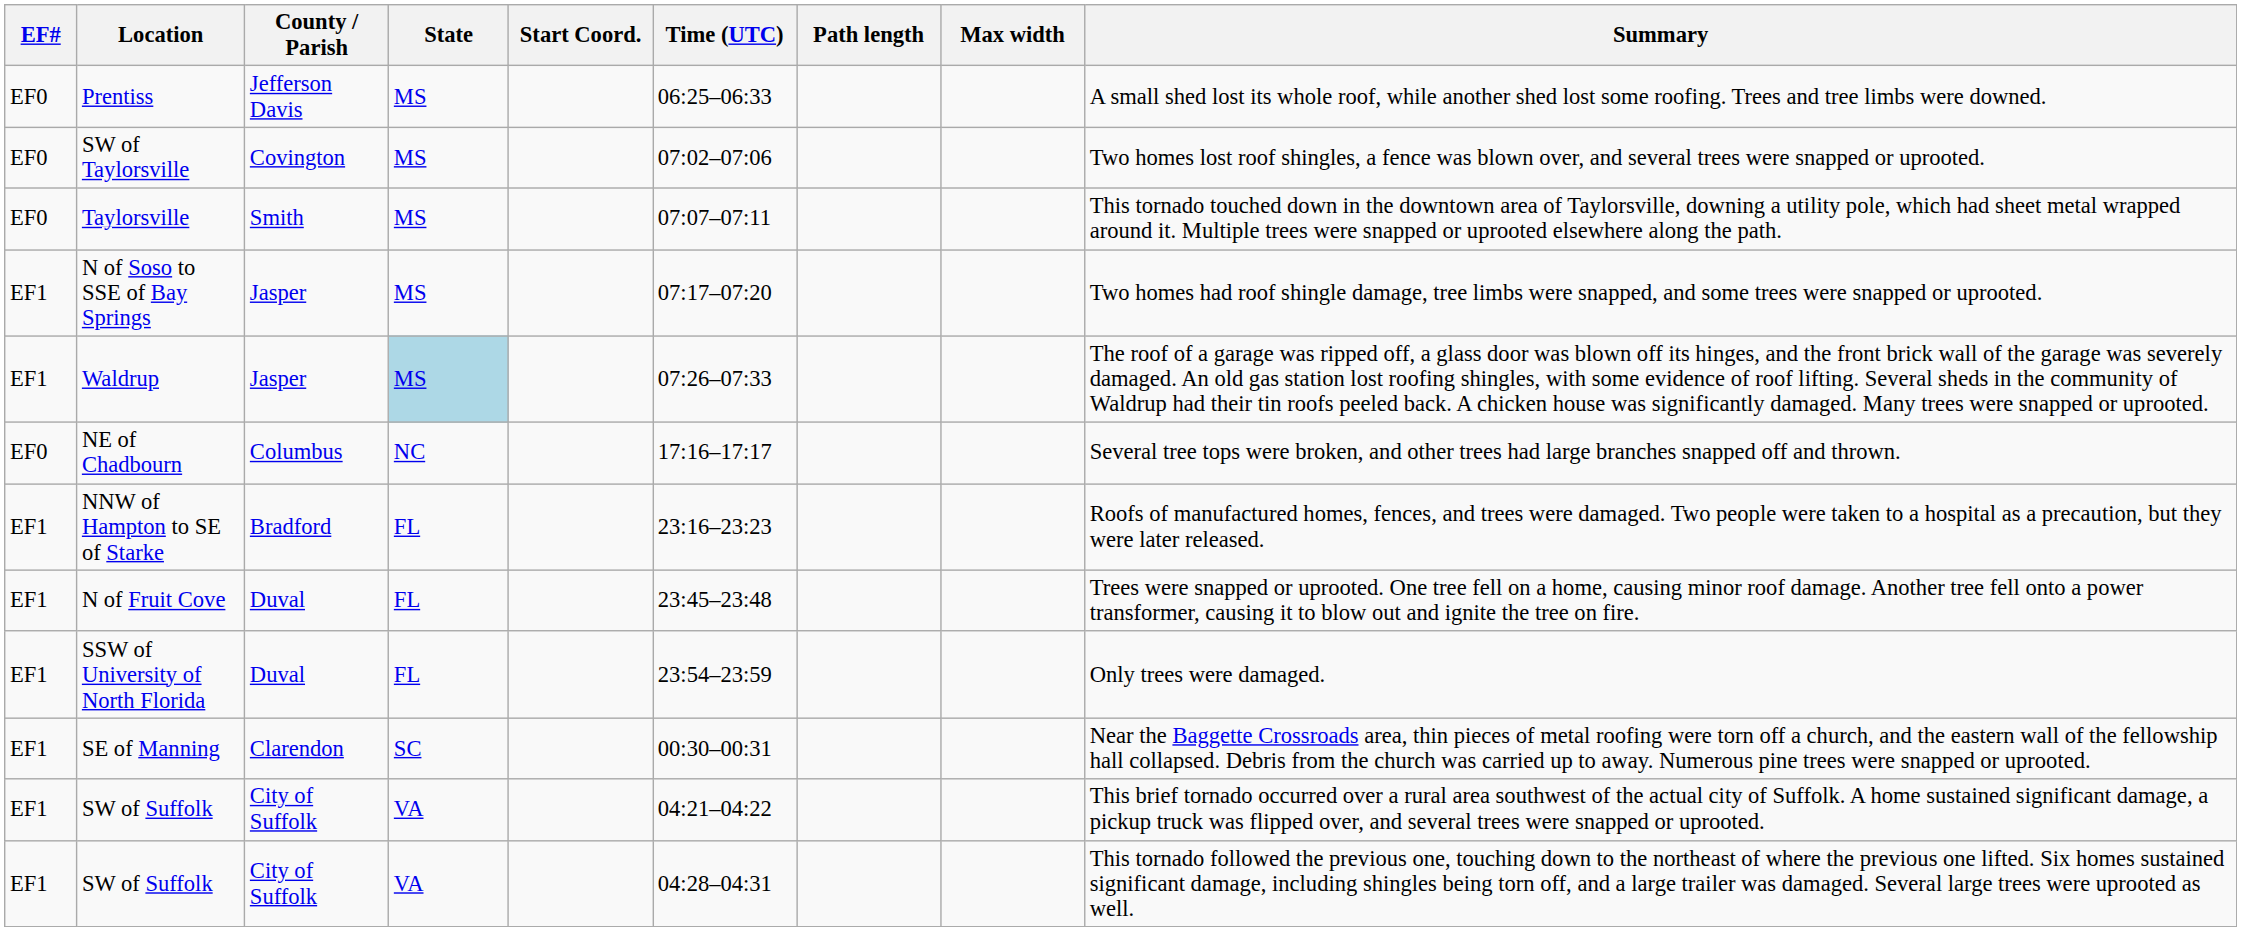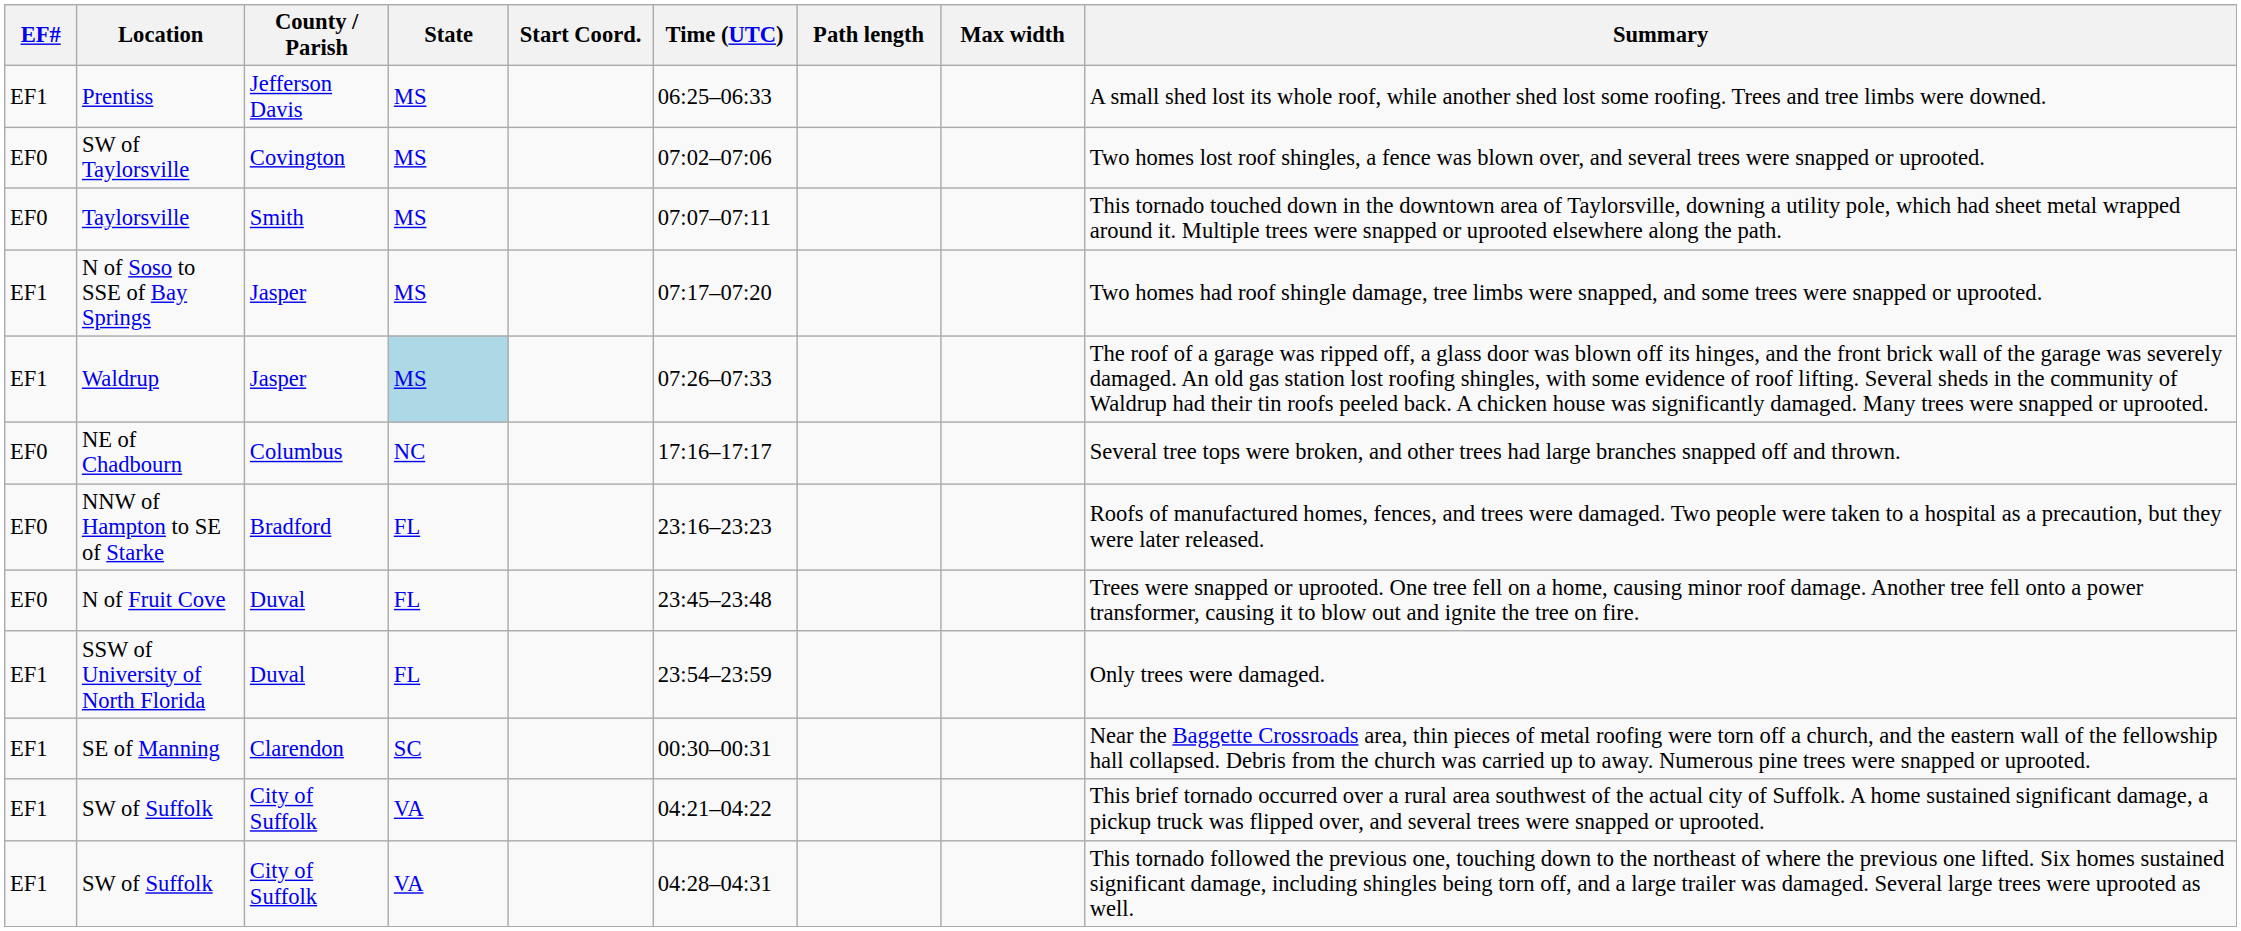 <table class="wikitable sortable" style="width:100%;">
 <tr>
 <th scope="col"  style="width:3%; text-align:center;"><a href='#'>EF#</a></th>
 <th scope="col"  style="width:7%; text-align:center;" class="unsortable">Location</th>
 <th scope="col"  style="width:6%; text-align:center;" class="unsortable">County / Parish</th>
 <th scope="col"  style="width:5%; text-align:center;">State</th>
 <th scope="col"  style="width:6%; text-align:center;">Start Coord.</th>
 <th scope="col"  style="width:6%; text-align:center;">Time (<a href='#'>UTC</a>)</th>
 <th scope="col"  style="width:6%; text-align:center;">Path length</th>
 <th scope="col"  style="width:6%; text-align:center;">Max width</th>
 <th scope="col" class="unsortable" style="width:48%; text-align:center;">Summary</th>
 </tr>
 <tr>
-<td>EF0</td>
+<td>EF1</td>
 <td><a href='#'>Prentiss</a></td>
 <td><a href='#'>Jefferson Davis</a></td>
 <td><a href='#'>MS</a></td>
 <td></td>
 <td>06:25–06:33</td>
 <td></td>
 <td></td>
 <td>A small shed lost its whole roof, while another shed lost some roofing. Trees and tree limbs were downed.</td>
 </tr>
 <tr>
 <td>EF0</td>
 <td>SW of <a href='#'>Taylorsville</a></td>
 <td><a href='#'>Covington</a></td>
 <td><a href='#'>MS</a></td>
 <td></td>
 <td>07:02–07:06</td>
 <td></td>
 <td></td>
 <td>Two homes lost roof shingles, a fence was blown over, and several trees were snapped or uprooted.</td>
 </tr>
 <tr>
 <td>EF0</td>
 <td><a href='#'>Taylorsville</a></td>
 <td><a href='#'>Smith</a></td>
 <td><a href='#'>MS</a></td>
 <td></td>
 <td>07:07–07:11</td>
 <td></td>
 <td></td>
 <td>This tornado touched down in the downtown area of Taylorsville, downing a utility pole, which had sheet metal wrapped around it. Multiple trees were snapped or uprooted elsewhere along the path.</td>
 </tr>
 <tr>
 <td>EF1</td>
 <td>N of <a href='#'>Soso</a> to SSE of <a href='#'>Bay Springs</a></td>
 <td><a href='#'>Jasper</a></td>
 <td><a href='#'>MS</a></td>
 <td></td>
 <td>07:17–07:20</td>
 <td></td>
 <td></td>
 <td>Two homes had roof shingle damage, tree limbs were snapped, and some trees were snapped or uprooted.</td>
 </tr>
 <tr>
 <td>EF1</td>
 <td><a href='#'>Waldrup</a></td>
 <td><a href='#'>Jasper</a></td>
 <td style="background: lightblue;"><a href='#'>MS</a></td>
 <td></td>
 <td>07:26–07:33</td>
 <td></td>
 <td></td>
 <td>The roof of a garage was ripped off, a glass door was blown off its hinges, and the front brick wall of the garage was severely damaged. An old gas station lost roofing shingles, with some evidence of roof lifting. Several sheds in the community of Waldrup had their tin roofs peeled back. A chicken house was significantly damaged. Many trees were snapped or uprooted.</td>
 </tr>
 <tr>
 <td>EF0</td>
 <td>NE of <a href='#'>Chadbourn</a></td>
 <td><a href='#'>Columbus</a></td>
 <td><a href='#'>NC</a></td>
 <td></td>
 <td>17:16–17:17</td>
 <td></td>
 <td></td>
 <td>Several tree tops were broken, and other trees had large branches snapped off and thrown.</td>
 </tr>
 <tr>
-<td>EF1</td>
+<td>EF0</td>
 <td>NNW of <a href='#'>Hampton</a> to SE of <a href='#'>Starke</a></td>
 <td><a href='#'>Bradford</a></td>
 <td><a href='#'>FL</a></td>
 <td></td>
 <td>23:16–23:23</td>
 <td></td>
 <td></td>
 <td>Roofs of manufactured homes, fences, and trees were damaged. Two people were taken to a hospital as a precaution, but they were later released.</td>
 </tr>
 <tr>
-<td>EF1</td>
+<td>EF0</td>
 <td>N of <a href='#'>Fruit Cove</a></td>
 <td><a href='#'>Duval</a></td>
 <td><a href='#'>FL</a></td>
 <td></td>
 <td>23:45–23:48</td>
 <td></td>
 <td></td>
 <td>Trees were snapped or uprooted. One tree fell on a home, causing minor roof damage. Another tree fell onto a power transformer, causing it to blow out and ignite the tree on fire.</td>
 </tr>
 <tr>
 <td>EF1</td>
 <td>SSW of <a href='#'>University of North Florida</a></td>
 <td><a href='#'>Duval</a></td>
 <td><a href='#'>FL</a></td>
 <td></td>
 <td>23:54–23:59</td>
 <td></td>
 <td></td>
 <td>Only trees were damaged.</td>
 </tr>
 <tr>
 <td>EF1</td>
 <td>SE of <a href='#'>Manning</a></td>
 <td><a href='#'>Clarendon</a></td>
 <td><a href='#'>SC</a></td>
 <td></td>
 <td>00:30–00:31</td>
 <td></td>
 <td></td>
 <td>Near the <a href='#'>Baggette Crossroads</a> area, thin pieces of metal roofing were torn off a church, and the eastern wall of the fellowship hall collapsed. Debris from the church was carried up to  away. Numerous pine trees were snapped or uprooted.</td>
 </tr>
 <tr>
 <td>EF1</td>
 <td>SW of <a href='#'>Suffolk</a></td>
 <td><a href='#'>City of Suffolk</a></td>
 <td><a href='#'>VA</a></td>
 <td></td>
 <td>04:21–04:22</td>
 <td></td>
 <td></td>
 <td>This brief tornado occurred over a rural area southwest of the actual city of Suffolk. A home sustained significant damage, a pickup truck was flipped over, and several trees were snapped or uprooted.</td>
 </tr>
 <tr>
 <td>EF1</td>
 <td>SW of <a href='#'>Suffolk</a></td>
 <td><a href='#'>City of Suffolk</a></td>
 <td><a href='#'>VA</a></td>
 <td></td>
 <td>04:28–04:31</td>
 <td></td>
 <td></td>
 <td>This tornado followed the previous one, touching down to the northeast of where the previous one lifted. Six homes sustained significant damage, including shingles being torn off, and a large trailer was damaged. Several large trees were uprooted as well.</td>
 </tr>
 <tr>
 </tr>
 </table>
